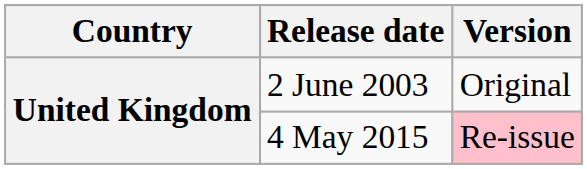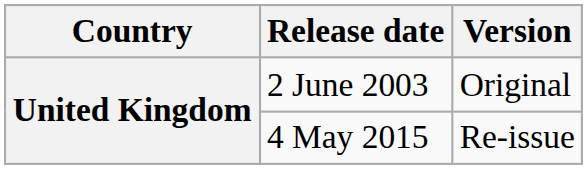 <table class="wikitable plainrowheaders">
 <tr>
 <th>Country</th>
 <th>Release date</th>
 <th>Version</th>
 </tr>
 <tr>
 <th scope=row rowspan=2>United Kingdom</th>
 <td>2 June 2003</td>
 <td>Original</td>
 </tr>
 <tr>
 <td>4 May 2015</td>
-<td style="background: pink;">Re-issue</td>
+<td>Re-issue</td>
 </tr>
 </table>
